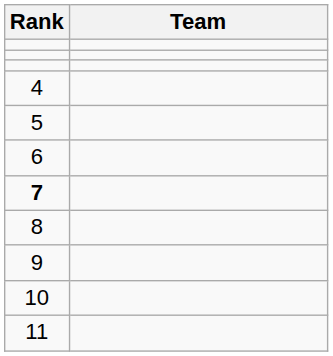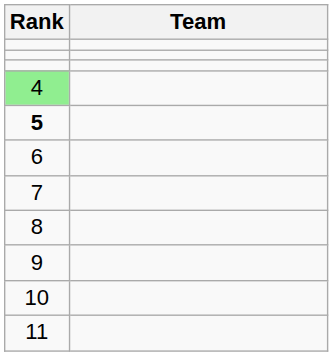 <table class=wikitable style="text-align:center;">
 <tr>
 <th>Rank</th>
 <th width=180>Team</th>
 </tr>
 <tr>
 <td></td>
 <td align=left></td>
 </tr>
 <tr>
 <td></td>
 <td align=left></td>
 </tr>
 <tr>
 <td></td>
 <td align=left></td>
 </tr>
 <tr>
-<td>4</td>
+<td style="background: lightgreen;">4</td>
 <td align=left></td>
 </tr>
 <tr>
-<td>5</td>
+<td><strong>5</strong></td>
 <td align=left></td>
 </tr>
 <tr>
 <td>6</td>
 <td align=left></td>
 </tr>
 <tr>
-<td><strong>7</strong></td>
+<td>7</td>
 <td align=left></td>
 </tr>
 <tr>
 <td>8</td>
 <td align=left></td>
 </tr>
 <tr>
 <td>9</td>
 <td align=left></td>
 </tr>
 <tr>
 <td>10</td>
 <td align=left></td>
 </tr>
 <tr>
 <td>11</td>
 <td align=left></td>
 </tr>
 </table>
